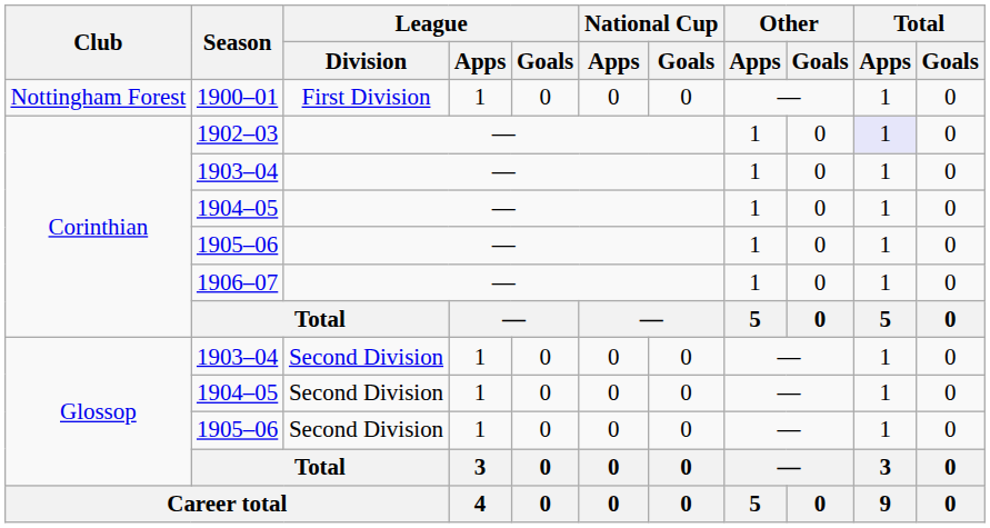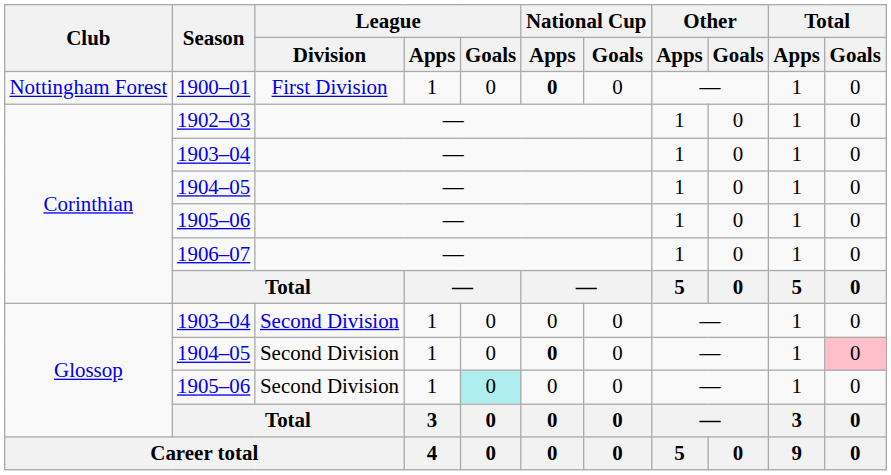 <table class="wikitable" style="text-align: center">
 <tr>
 <th rowspan="2">Club</th>
 <th rowspan="2">Season</th>
 <th colspan="3">League</th>
 <th colspan="2">National Cup</th>
 <th colspan="2">Other</th>
 <th colspan="2">Total</th>
 </tr>
 <tr>
 <th>Division</th>
 <th>Apps</th>
 <th>Goals</th>
 <th>Apps</th>
 <th>Goals</th>
 <th>Apps</th>
 <th>Goals</th>
 <th>Apps</th>
 <th>Goals</th>
 </tr>
 <tr>
 <td><a href='#'>Nottingham Forest</a></td>
 <td><a href='#'>1900–01</a></td>
 <td><a href='#'>First Division</a></td>
 <td>1</td>
 <td>0</td>
-<td>0</td>
+<td><strong>0</strong></td>
 <td>0</td>
 <td colspan="2">—</td>
 <td>1</td>
 <td>0</td>
 </tr>
 <tr>
 <td rowspan="6"><a href='#'>Corinthian</a></td>
 <td><a href='#'>1902–03</a></td>
 <td colspan="5">—</td>
 <td>1</td>
 <td>0</td>
-<td style="background: lavender;">1</td>
+<td>1</td>
 <td>0</td>
 </tr>
 <tr>
 <td><a href='#'>1903–04</a></td>
 <td colspan="5">—</td>
 <td>1</td>
 <td>0</td>
 <td>1</td>
 <td>0</td>
 </tr>
 <tr>
 <td><a href='#'>1904–05</a></td>
 <td colspan="5">—</td>
 <td>1</td>
 <td>0</td>
 <td>1</td>
 <td>0</td>
 </tr>
 <tr>
 <td><a href='#'>1905–06</a></td>
 <td colspan="5">—</td>
 <td>1</td>
 <td>0</td>
 <td>1</td>
 <td>0</td>
 </tr>
 <tr>
 <td><a href='#'>1906–07</a></td>
 <td colspan="5">—</td>
 <td>1</td>
 <td>0</td>
 <td>1</td>
 <td>0</td>
 </tr>
 <tr>
 <th colspan="2">Total</th>
 <th colspan="2">—</th>
 <th colspan="2">—</th>
 <th>5</th>
 <th>0</th>
 <th>5</th>
 <th>0</th>
 </tr>
 <tr>
 <td rowspan="4"><a href='#'>Glossop</a></td>
 <td><a href='#'>1903–04</a></td>
 <td><a href='#'>Second Division</a></td>
 <td>1</td>
 <td>0</td>
 <td>0</td>
 <td>0</td>
 <td colspan="2">—</td>
 <td>1</td>
 <td>0</td>
 </tr>
 <tr>
 <td><a href='#'>1904–05</a></td>
 <td>Second Division</td>
 <td>1</td>
 <td>0</td>
-<td>0</td>
+<td><strong>0</strong></td>
 <td>0</td>
 <td colspan="2">—</td>
 <td>1</td>
-<td>0</td>
+<td style="background: pink;">0</td>
 </tr>
 <tr>
 <td><a href='#'>1905–06</a></td>
 <td>Second Division</td>
 <td>1</td>
-<td>0</td>
+<td style="background: paleturquoise;">0</td>
 <td>0</td>
 <td>0</td>
 <td colspan="2">—</td>
 <td>1</td>
 <td>0</td>
 </tr>
 <tr>
 <th colspan="2">Total</th>
 <th>3</th>
 <th>0</th>
 <th>0</th>
 <th>0</th>
 <th colspan="2">—</th>
 <th>3</th>
 <th>0</th>
 </tr>
 <tr>
 <th colspan="3">Career total</th>
 <th>4</th>
 <th>0</th>
 <th>0</th>
 <th>0</th>
 <th>5</th>
 <th>0</th>
 <th>9</th>
 <th>0</th>
 </tr>
 </table>
